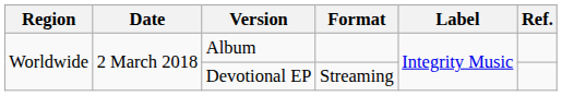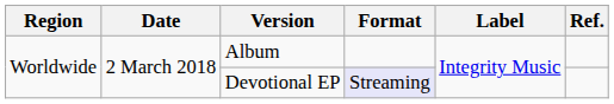 <table class="wikitable plainrowheaders">
 <tr>
 <th scope="col">Region</th>
 <th scope="col">Date</th>
 <th scope="col">Version</th>
 <th scope="col">Format</th>
 <th scope="col">Label</th>
 <th scope="col">Ref.</th>
 </tr>
 <tr>
 <td rowspan="2">Worldwide</td>
 <td rowspan="2">2 March 2018</td>
 <td>Album</td>
 <td></td>
 <td rowspan="2"><a href='#'>Integrity Music</a></td>
 <td></td>
 </tr>
 <tr>
 <td>Devotional EP</td>
-<td>Streaming</td>
+<td style="background: lavender;">Streaming</td>
 <td></td>
 </tr>
 </table>
